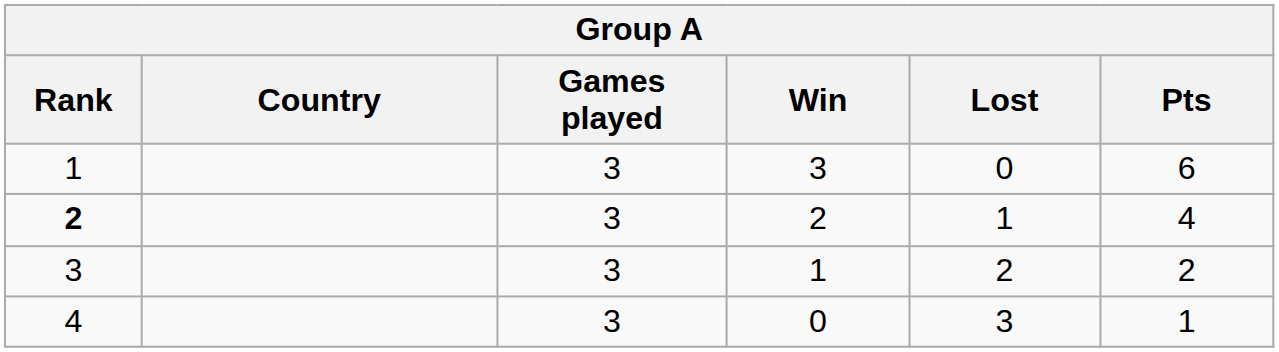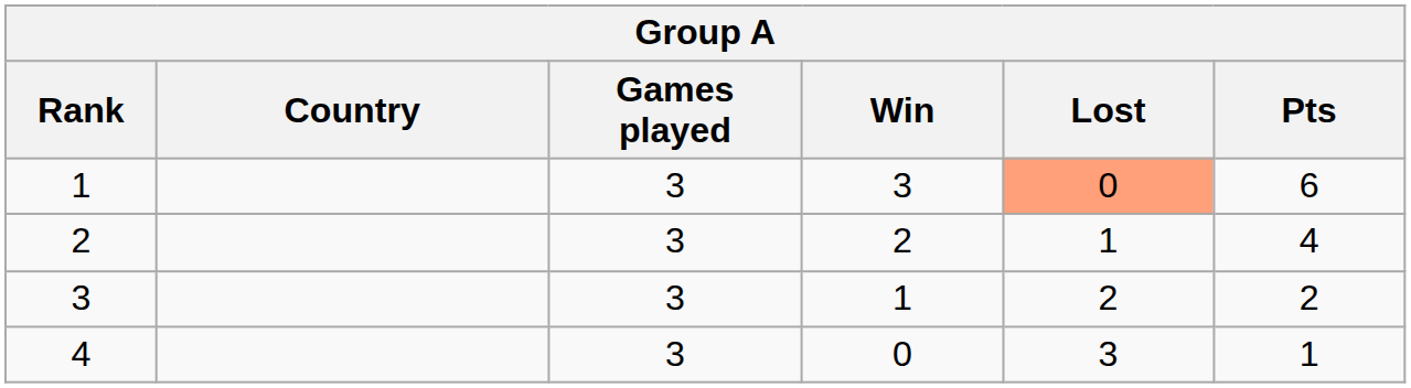 <table class="wikitable" style= "text-align: center; Width:50%">
 <tr>
 <th colspan= 6>Group A</th>
 </tr>
 <tr>
 <th width=2%>Rank</th>
 <th width=10%>Country</th>
 <th width=5%>Games <br> played</th>
 <th width=5%>Win</th>
 <th width=5%>Lost</th>
 <th width=5%>Pts</th>
 </tr>
 <tr>
 <td>1</td>
 <td style= "text-align: left"></td>
 <td>3</td>
 <td>3</td>
-<td>0</td>
+<td style="background: lightsalmon;">0</td>
 <td>6</td>
 </tr>
 <tr>
-<td><strong>2</strong></td>
+<td>2</td>
 <td style= "text-align: left"></td>
 <td>3</td>
 <td>2</td>
 <td>1</td>
 <td>4</td>
 </tr>
 <tr>
 <td>3</td>
 <td style= "text-align: left"></td>
 <td>3</td>
 <td>1</td>
 <td>2</td>
 <td>2</td>
 </tr>
 <tr>
 <td>4</td>
 <td style= "text-align: left"></td>
 <td>3</td>
 <td>0</td>
 <td>3</td>
 <td>1</td>
 </tr>
 </table>
